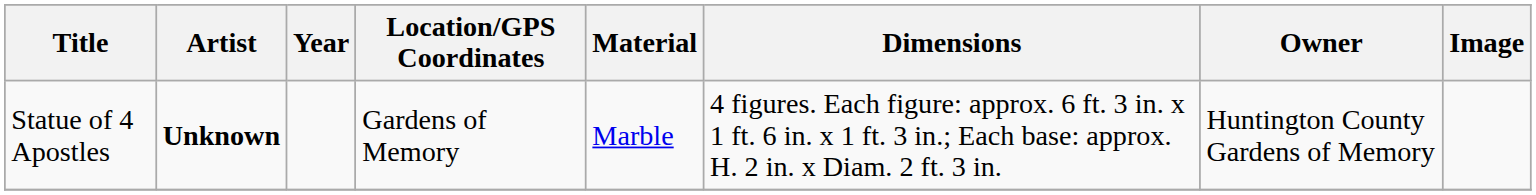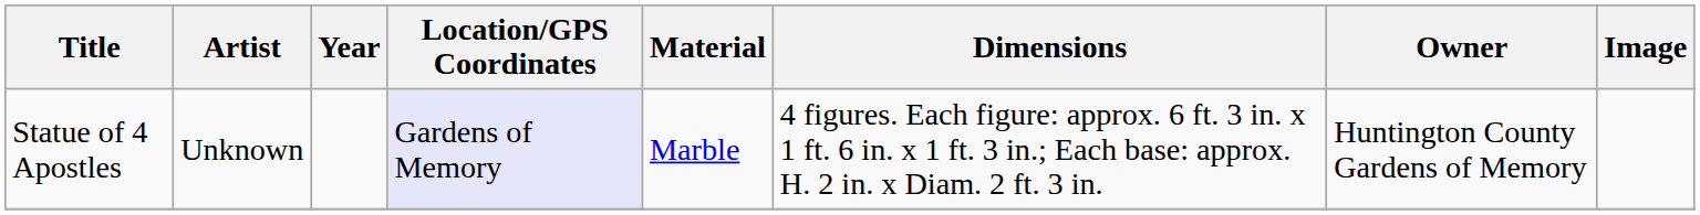 <table class="wikitable sortable">
 <tr>
 <th>Title</th>
 <th>Artist</th>
 <th>Year</th>
 <th>Location/GPS Coordinates</th>
 <th>Material</th>
 <th>Dimensions</th>
 <th>Owner</th>
 <th>Image</th>
 </tr>
 <tr>
 <td>Statue of 4 Apostles</td>
-<td><strong>Unknown</strong></td>
+<td>Unknown</td>
 <td></td>
-<td>Gardens of Memory</td>
+<td style="background: lavender;">Gardens of Memory</td>
 <td><a href='#'>Marble</a></td>
 <td>4 figures. Each figure: approx. 6 ft. 3 in. x 1 ft. 6 in. x 1 ft. 3 in.; Each base: approx. H. 2 in. x Diam. 2 ft. 3 in.</td>
 <td>Huntington County Gardens of Memory</td>
 <td></td>
 </tr>
 <tr>
 </tr>
 </table>
